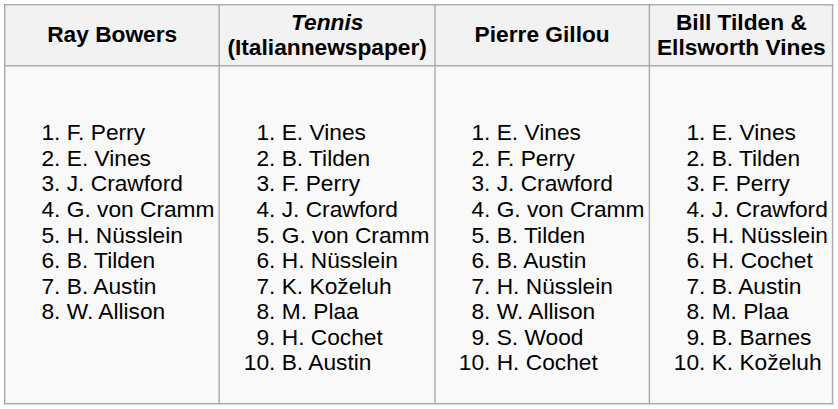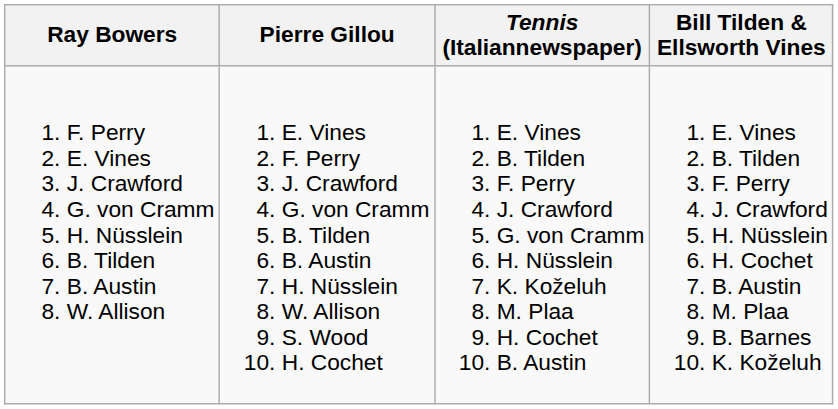 <table class="wikitable">
 <tr>
 <th>Ray Bowers</th>
+<th>Pierre Gillou</th>
 <th><em>Tennis</em><br>(Italiannewspaper)</th>
-<th>Pierre Gillou</th>
 <th>Bill Tilden &<br>Ellsworth Vines</th>
 </tr>
 <tr style="vertical-align: top;">
 <td style="white-space: nowrap;"><br><ol><li> F. Perry</li><li> E. Vines</li><li> J. Crawford</li><li> G. von Cramm</li><li> H. Nüsslein</li><li> B. Tilden</li><li> B. Austin</li><li> W. Allison</li></ol></td>
+<td style="white-space: nowrap;"><br><ol><li> E. Vines</li><li> F. Perry</li><li> J. Crawford</li><li> G. von Cramm</li><li> B. Tilden</li><li> B. Austin</li><li> H. Nüsslein</li><li> W. Allison</li><li> S. Wood</li><li> H. Cochet</li></ol></td>
 <td style="white-space: nowrap;"><br><ol><li> E. Vines</li><li> B. Tilden</li><li> F. Perry</li><li> J. Crawford</li><li> G. von Cramm</li><li> H. Nüsslein</li><li> K. Koželuh</li><li> M. Plaa</li><li> H. Cochet</li><li> B. Austin</li></ol></td>
-<td style="white-space: nowrap;"><br><ol><li> E. Vines</li><li> F. Perry</li><li> J. Crawford</li><li> G. von Cramm</li><li> B. Tilden</li><li> B. Austin</li><li> H. Nüsslein</li><li> W. Allison</li><li> S. Wood</li><li> H. Cochet</li></ol></td>
 <td style="white-space: nowrap;"><br><ol><li> E. Vines</li><li> B. Tilden</li><li> F. Perry</li><li> J. Crawford</li><li> H. Nüsslein</li><li> H. Cochet</li><li> B. Austin</li><li> M. Plaa</li><li> B. Barnes</li><li> K. Koželuh</li></ol></td>
 </tr>
 </table>
